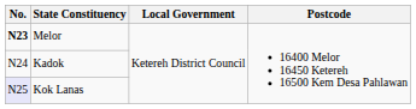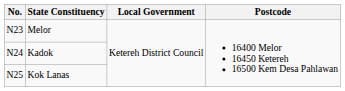 <table class="wikitable">
 <tr>
 <th>No.</th>
 <th>State Constituency</th>
 <th>Local Government</th>
 <th>Postcode</th>
 </tr>
 <tr>
-<td><strong>N23</strong></td>
+<td>N23</td>
 <td>Melor</td>
 <td rowspan="3">Ketereh District Council</td>
 <td rowspan="3"><br><ul><li>16400 Melor</li><li>16450 Ketereh</li><li>16500 Kem Desa Pahlawan</li></ul></td>
 </tr>
 <tr>
 <td>N24</td>
 <td>Kadok</td>
 </tr>
 <tr>
-<td style="background: lavender;">N25</td>
+<td>N25</td>
 <td>Kok Lanas</td>
 </tr>
 </table>
